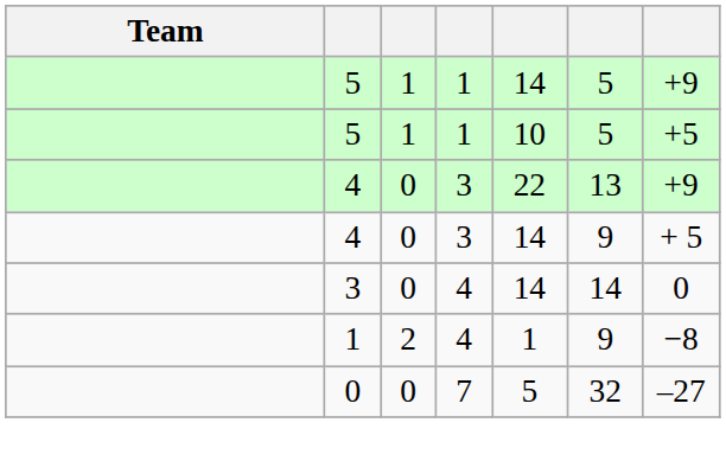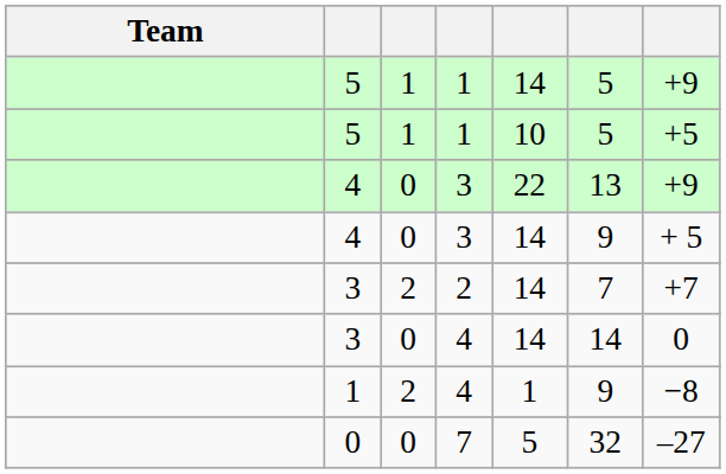 <table class="wikitable" style="text-align:center;">
 <tr>
 <th width=150>Team</th>
 <th width=20></th>
 <th width=20></th>
 <th width=20></th>
 <th width=30></th>
 <th width=30></th>
 <th width=30></th>
 </tr>
 <tr bgcolor="#ccffcc">
 <td align="left"></td>
 <td>5</td>
 <td>1</td>
 <td>1</td>
 <td>14</td>
 <td>5</td>
 <td>+9</td>
 </tr>
 <tr bgcolor="#ccffcc">
 <td align="left"></td>
 <td>5</td>
 <td>1</td>
 <td>1</td>
 <td>10</td>
 <td>5</td>
 <td>+5</td>
 </tr>
 <tr bgcolor="#ccffcc">
 <td align="left"></td>
 <td>4</td>
 <td>0</td>
 <td>3</td>
 <td>22</td>
 <td>13</td>
 <td>+9</td>
 </tr>
 <tr>
 <td align="left"></td>
 <td>4</td>
 <td>0</td>
 <td>3</td>
 <td>14</td>
 <td>9</td>
 <td>+ 5</td>
 </tr>
 <tr>
 <td align="left"></td>
 <td>3</td>
+<td>2</td>
+<td>2</td>
+<td>14</td>
+<td>7</td>
+<td>+7</td>
+</tr>
+<tr>
+<td align="left"></td>
+<td>3</td>
 <td>0</td>
 <td>4</td>
 <td>14</td>
 <td>14</td>
 <td>0</td>
 </tr>
 <tr>
 <td align="left"></td>
 <td>1</td>
 <td>2</td>
 <td>4</td>
 <td>1</td>
 <td>9</td>
 <td>−8</td>
 </tr>
 <tr>
 <td align="left"></td>
 <td>0</td>
 <td>0</td>
 <td>7</td>
 <td>5</td>
 <td>32</td>
 <td>–27</td>
 </tr>
 </table>
